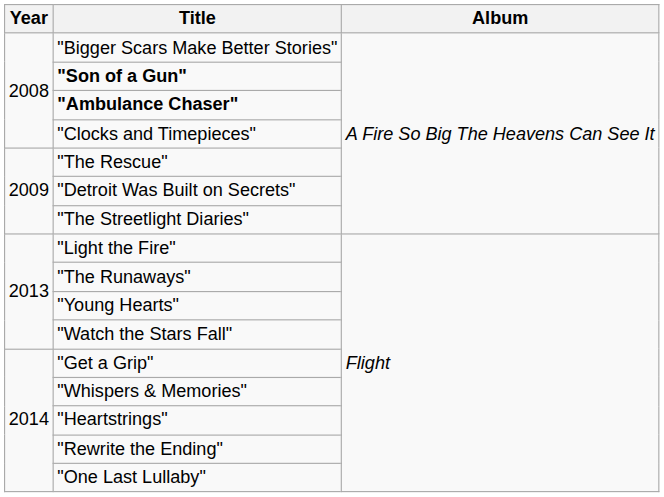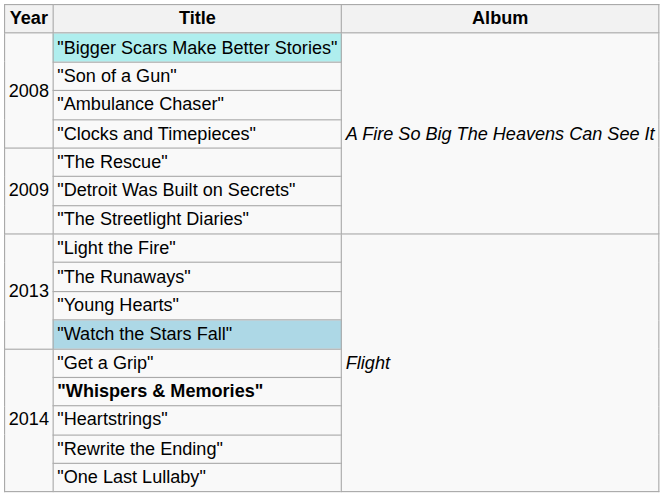 <table class="wikitable">
 <tr>
 <th>Year</th>
 <th>Title</th>
 <th>Album</th>
 </tr>
 <tr>
 <td rowspan="4">2008</td>
-<td>"Bigger Scars Make Better Stories"</td>
+<td style="background: paleturquoise;">"Bigger Scars Make Better Stories"</td>
 <td rowspan="7"><em>A Fire So Big The Heavens Can See It</em></td>
 </tr>
 <tr>
-<td><strong>"Son of a Gun"</strong></td>
+<td>"Son of a Gun"</td>
 </tr>
 <tr>
-<td><strong>"Ambulance Chaser"</strong></td>
+<td>"Ambulance Chaser"</td>
 </tr>
 <tr>
 <td>"Clocks and Timepieces"</td>
 </tr>
 <tr>
 <td rowspan="3">2009</td>
 <td>"The Rescue"</td>
 </tr>
 <tr>
 <td>"Detroit Was Built on Secrets"</td>
 </tr>
 <tr>
 <td>"The Streetlight Diaries"</td>
 </tr>
 <tr>
 <td rowspan="4">2013</td>
 <td>"Light the Fire"</td>
 <td rowspan="9"><em>Flight</em></td>
 </tr>
 <tr>
 <td>"The Runaways"</td>
 </tr>
 <tr>
 <td>"Young Hearts"</td>
 </tr>
 <tr>
-<td>"Watch the Stars Fall"</td>
+<td style="background: lightblue;">"Watch the Stars Fall"</td>
 </tr>
 <tr>
 <td rowspan="5">2014</td>
 <td>"Get a Grip"</td>
 </tr>
 <tr>
-<td>"Whispers & Memories"</td>
+<td><strong>"Whispers & Memories"</strong></td>
 </tr>
 <tr>
 <td>"Heartstrings"</td>
 </tr>
 <tr>
 <td>"Rewrite the Ending"</td>
 </tr>
 <tr>
 <td>"One Last Lullaby"</td>
 </tr>
 </table>
